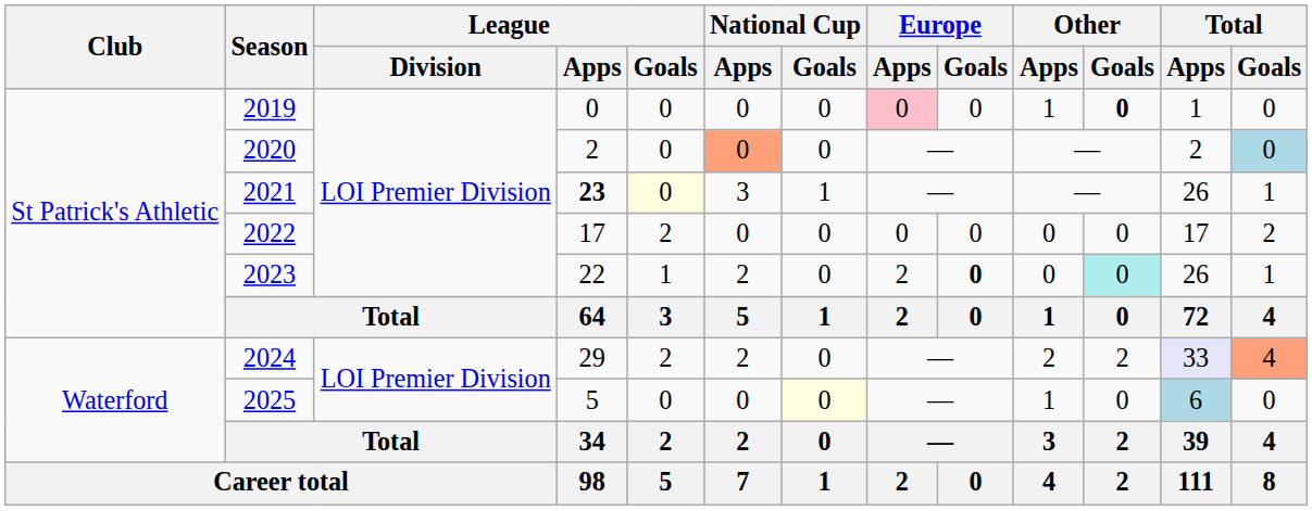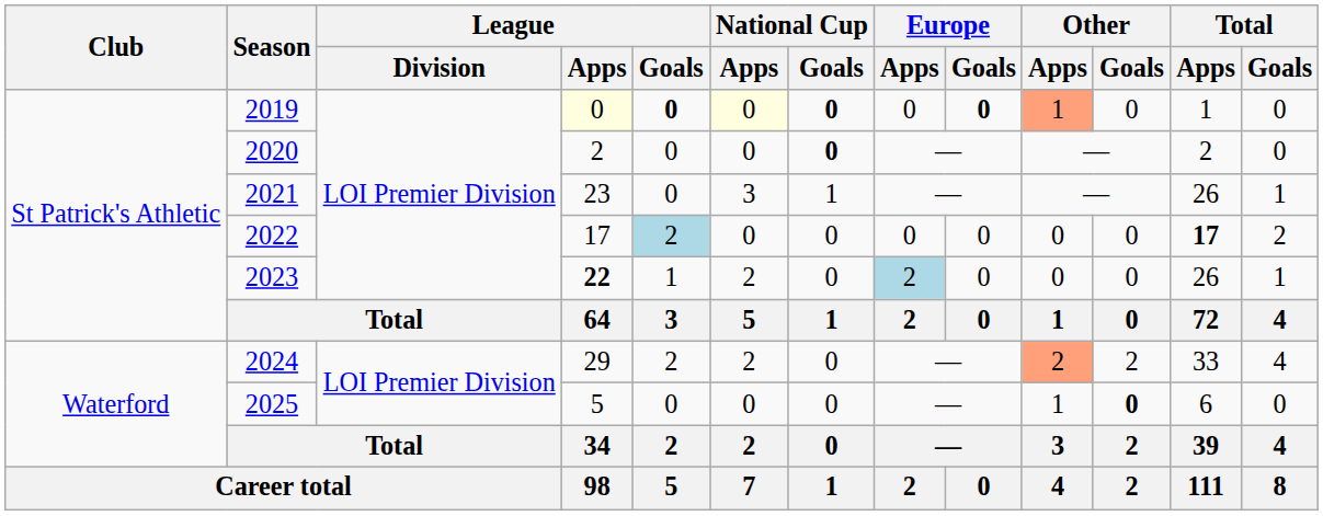 <table class="wikitable" style="text-align:center">
 <tr>
 <th rowspan=2>Club</th>
 <th rowspan=2>Season</th>
 <th colspan=3>League</th>
 <th colspan=2>National Cup</th>
 <th colspan=2><a href='#'>Europe</a></th>
 <th colspan=2>Other</th>
 <th colspan=2>Total</th>
 </tr>
 <tr>
 <th>Division</th>
 <th>Apps</th>
 <th>Goals</th>
 <th>Apps</th>
 <th>Goals</th>
 <th>Apps</th>
 <th>Goals</th>
 <th>Apps</th>
 <th>Goals</th>
 <th>Apps</th>
 <th>Goals</th>
 </tr>
 <tr>
 <td rowspan="6"><a href='#'>St Patrick's Athletic</a></td>
 <td><a href='#'>2019</a></td>
 <td rowspan="5"><a href='#'>LOI Premier Division</a></td>
+<td style="background: lightyellow;">0</td>
+<td><strong>0</strong></td>
+<td style="background: lightyellow;">0</td>
+<td><strong>0</strong></td>
 <td>0</td>
+<td><strong>0</strong></td>
+<td style="background: lightsalmon;">1</td>
 <td>0</td>
-<td>0</td>
-<td>0</td>
-<td style="background: pink;">0</td>
-<td>0</td>
-<td>1</td>
-<td><strong>0</strong></td>
 <td>1</td>
 <td>0</td>
 </tr>
 <tr>
 <td><a href='#'>2020</a></td>
 <td>2</td>
 <td>0</td>
-<td style="background: lightsalmon;">0</td>
 <td>0</td>
+<td><strong>0</strong></td>
 <td colspan="2">—</td>
 <td colspan="2">—</td>
 <td>2</td>
-<td style="background: lightblue;">0</td>
+<td>0</td>
 </tr>
 <tr>
 <td><a href='#'>2021</a></td>
-<td><strong>23</strong></td>
-<td style="background: lightyellow;">0</td>
+<td>23</td>
+<td>0</td>
 <td>3</td>
 <td>1</td>
 <td colspan="2">—</td>
 <td colspan="2">—</td>
 <td>26</td>
 <td>1</td>
 </tr>
 <tr>
 <td><a href='#'>2022</a></td>
 <td>17</td>
-<td>2</td>
+<td style="background: lightblue;">2</td>
 <td>0</td>
 <td>0</td>
 <td>0</td>
 <td>0</td>
 <td>0</td>
 <td>0</td>
-<td>17</td>
+<td><strong>17</strong></td>
 <td>2</td>
 </tr>
 <tr>
 <td><a href='#'>2023</a></td>
-<td>22</td>
+<td><strong>22</strong></td>
 <td>1</td>
 <td>2</td>
 <td>0</td>
-<td>2</td>
-<td><strong>0</strong></td>
+<td style="background: lightblue;">2</td>
 <td>0</td>
-<td style="background: paleturquoise;">0</td>
+<td>0</td>
+<td>0</td>
 <td>26</td>
 <td>1</td>
 </tr>
 <tr>
 <th colspan="2">Total</th>
 <th>64</th>
 <th>3</th>
 <th>5</th>
 <th>1</th>
 <th>2</th>
 <th>0</th>
 <th>1</th>
 <th>0</th>
 <th>72</th>
 <th>4</th>
 </tr>
 <tr>
 <td rowspan="3"><a href='#'>Waterford</a></td>
 <td><a href='#'>2024</a></td>
 <td rowspan="2"><a href='#'>LOI Premier Division</a></td>
 <td>29</td>
 <td>2</td>
 <td>2</td>
 <td>0</td>
 <td colspan="2">—</td>
+<td style="background: lightsalmon;">2</td>
 <td>2</td>
-<td>2</td>
-<td style="background: lavender;">33</td>
-<td style="background: lightsalmon;">4</td>
+<td>33</td>
+<td>4</td>
 </tr>
 <tr>
 <td><a href='#'>2025</a></td>
 <td>5</td>
 <td>0</td>
 <td>0</td>
-<td style="background: lightyellow;">0</td>
+<td>0</td>
 <td colspan="2">—</td>
 <td>1</td>
-<td>0</td>
-<td style="background: lightblue;">6</td>
+<td><strong>0</strong></td>
+<td>6</td>
 <td>0</td>
 </tr>
 <tr>
 <th colspan="2">Total</th>
 <th>34</th>
 <th>2</th>
 <th>2</th>
 <th>0</th>
 <th colspan="2">—</th>
 <th>3</th>
 <th>2</th>
 <th>39</th>
 <th>4</th>
 </tr>
 <tr>
 <th colspan=3>Career total</th>
 <th>98</th>
 <th>5</th>
 <th>7</th>
 <th>1</th>
 <th>2</th>
 <th>0</th>
 <th>4</th>
 <th>2</th>
 <th>111</th>
 <th>8</th>
 </tr>
 </table>
